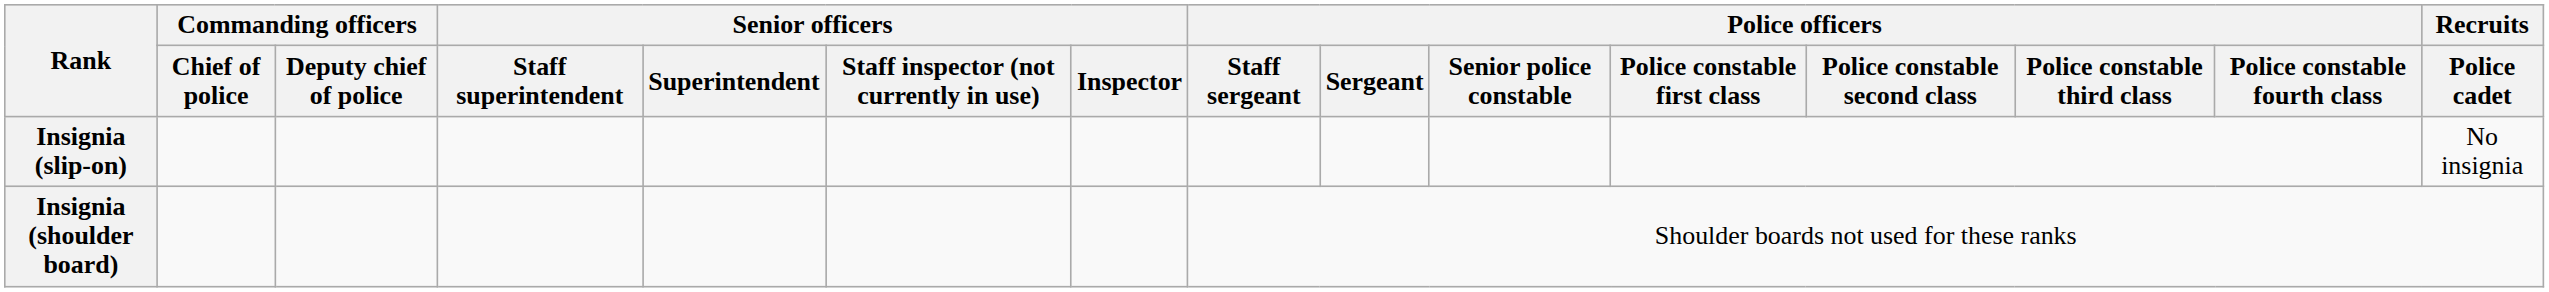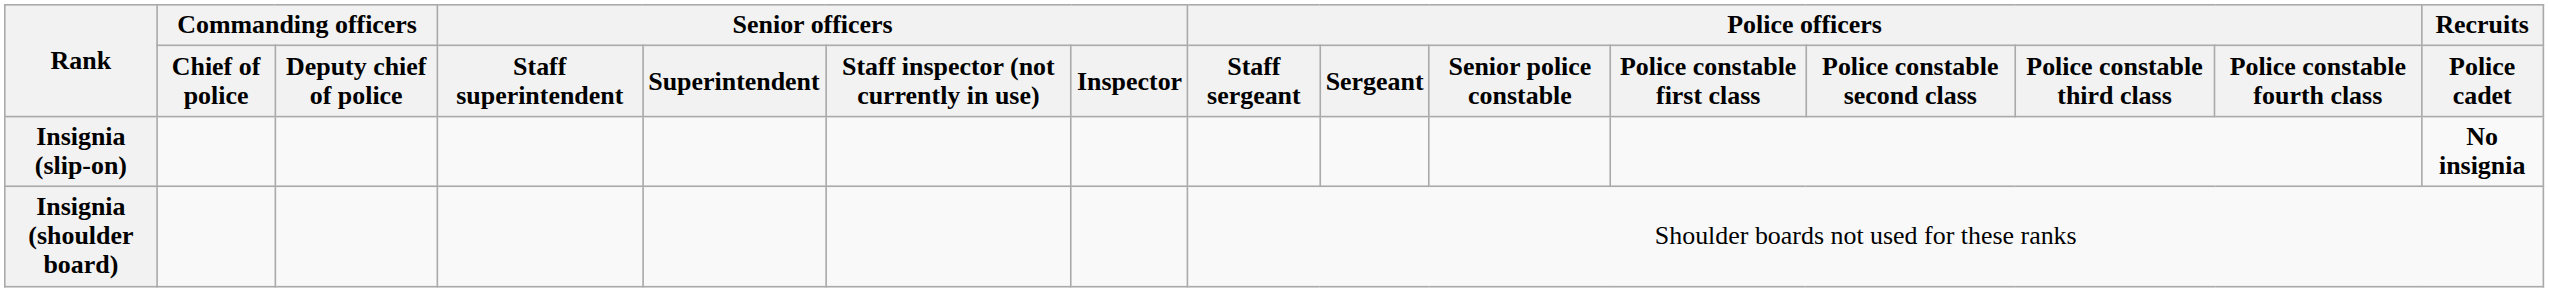 <table class="wikitable">
 <tr style="text-align:center;">
 <th rowspan="2">Rank</th>
 <th colspan="2">Commanding officers</th>
 <th colspan="4">Senior officers</th>
 <th colspan="7">Police officers</th>
 <th colspan="1">Recruits</th>
 </tr>
 <tr style="text-align:center;">
 <th>Chief of police</th>
 <th>Deputy chief of police</th>
 <th>Staff superintendent</th>
 <th>Superintendent</th>
 <th>Staff inspector (not currently in use)</th>
 <th>Inspector</th>
 <th>Staff sergeant</th>
 <th>Sergeant</th>
 <th>Senior police constable</th>
 <th>Police constable first class</th>
 <th>Police constable second class</th>
 <th>Police constable third class</th>
 <th>Police constable fourth class</th>
 <th>Police cadet</th>
 </tr>
 <tr style="text-align:center;">
 <th>Insignia<br>(slip-on)</th>
 <td></td>
 <td></td>
 <td></td>
 <td></td>
 <td></td>
 <td></td>
 <td></td>
 <td></td>
 <td></td>
 <td colspan=4></td>
-<td>No insignia</td>
+<td><strong>No insignia</strong></td>
 </tr>
 <tr style="text-align:center;">
 <th>Insignia<br>(shoulder board)</th>
 <td></td>
 <td></td>
 <td></td>
 <td></td>
 <td></td>
 <td></td>
 <td colspan="8">Shoulder boards not used for these ranks</td>
 </tr>
 </table>
